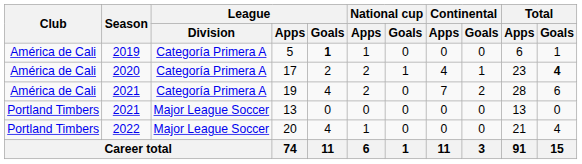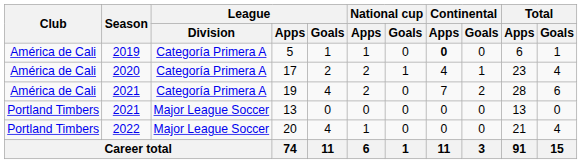 <table class="wikitable" style="text-align: center">
 <tr>
 <th rowspan="2">Club</th>
 <th rowspan="2">Season</th>
 <th colspan="3">League</th>
 <th colspan="2">National cup</th>
 <th colspan="2">Continental</th>
 <th colspan="2">Total</th>
 </tr>
 <tr>
 <th>Division</th>
 <th>Apps</th>
 <th>Goals</th>
 <th>Apps</th>
 <th>Goals</th>
 <th>Apps</th>
 <th>Goals</th>
 <th>Apps</th>
 <th>Goals</th>
 </tr>
 <tr>
 <td><a href='#'>América de Cali</a></td>
 <td><a href='#'>2019</a></td>
 <td><a href='#'>Categoría Primera A</a></td>
 <td>5</td>
-<td><strong>1</strong></td>
+<td>1</td>
 <td>1</td>
 <td>0</td>
-<td>0</td>
+<td><strong>0</strong></td>
 <td>0</td>
 <td>6</td>
 <td>1</td>
 </tr>
 <tr>
 <td><a href='#'>América de Cali</a></td>
 <td><a href='#'>2020</a></td>
 <td><a href='#'>Categoría Primera A</a></td>
 <td>17</td>
 <td>2</td>
 <td>2</td>
 <td>1</td>
 <td>4</td>
 <td>1</td>
 <td>23</td>
-<td><strong>4</strong></td>
+<td>4</td>
 </tr>
 <tr>
 <td><a href='#'>América de Cali</a></td>
 <td><a href='#'>2021</a></td>
 <td><a href='#'>Categoría Primera A</a></td>
 <td>19</td>
 <td>4</td>
 <td>2</td>
 <td>0</td>
 <td>7</td>
 <td>2</td>
 <td>28</td>
 <td>6</td>
 </tr>
 <tr>
 <td><a href='#'>Portland Timbers</a></td>
 <td><a href='#'>2021</a></td>
 <td><a href='#'>Major League Soccer</a></td>
 <td>13</td>
 <td>0</td>
 <td>0</td>
 <td>0</td>
 <td>0</td>
 <td>0</td>
 <td>13</td>
 <td>0</td>
 </tr>
 <tr>
 <td><a href='#'>Portland Timbers</a></td>
 <td><a href='#'>2022</a></td>
 <td><a href='#'>Major League Soccer</a></td>
 <td>20</td>
 <td>4</td>
 <td>1</td>
 <td>0</td>
 <td>0</td>
 <td>0</td>
 <td>21</td>
 <td>4</td>
 </tr>
 <tr>
 <th colspan="3"><strong>Career total</strong></th>
 <th>74</th>
 <th>11</th>
 <th>6</th>
 <th>1</th>
 <th>11</th>
 <th>3</th>
 <th>91</th>
 <th>15</th>
 </tr>
 </table>
